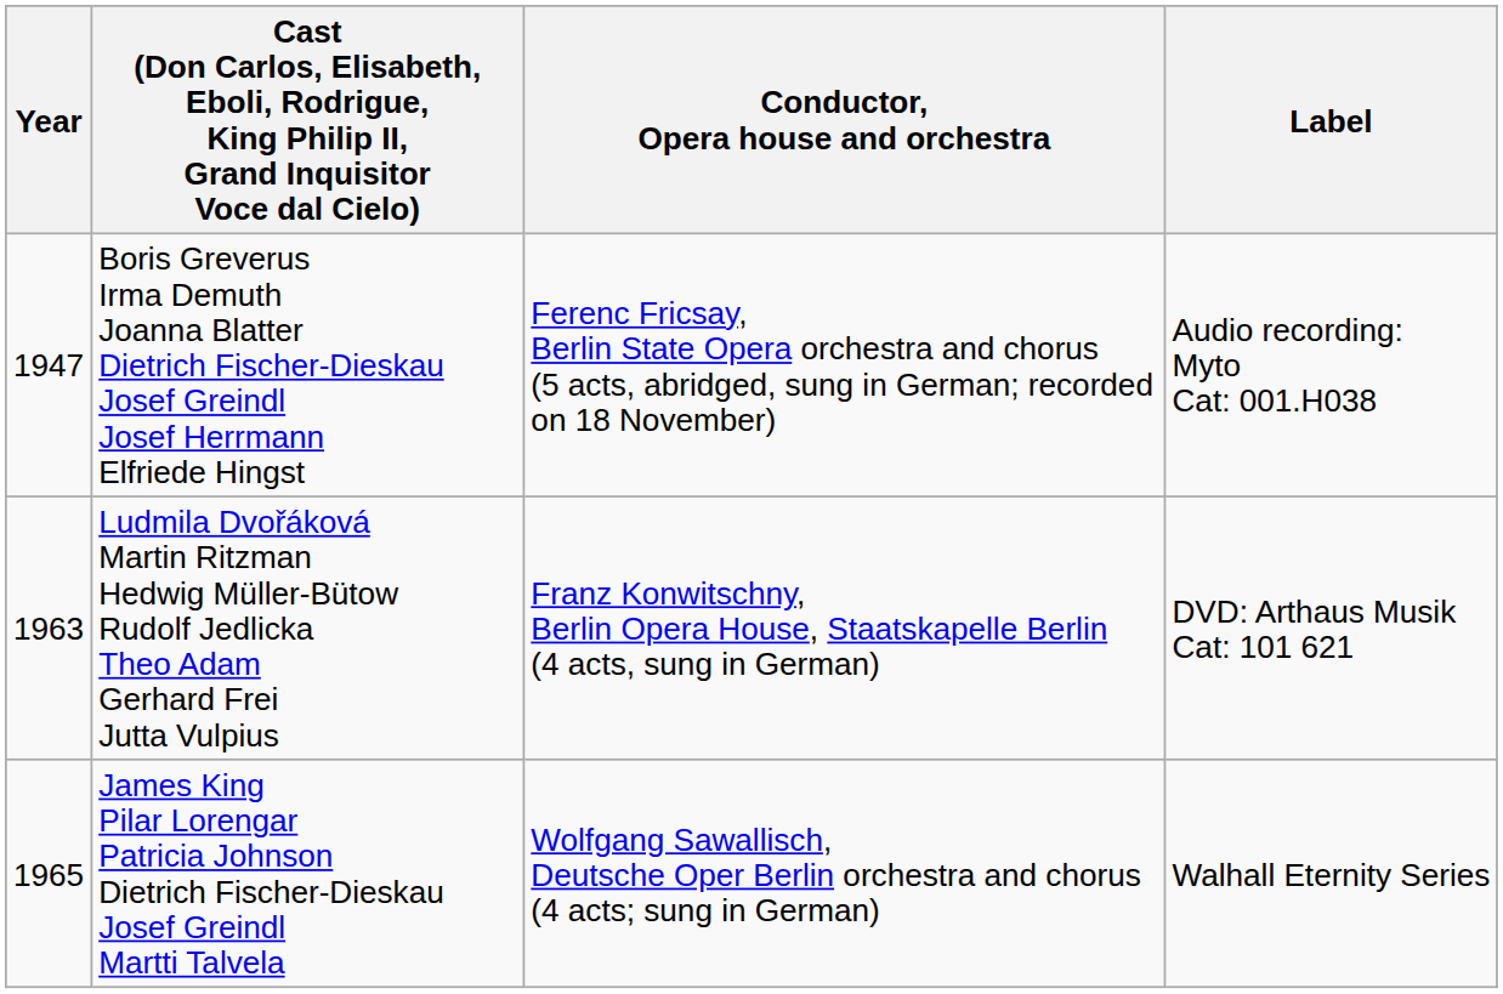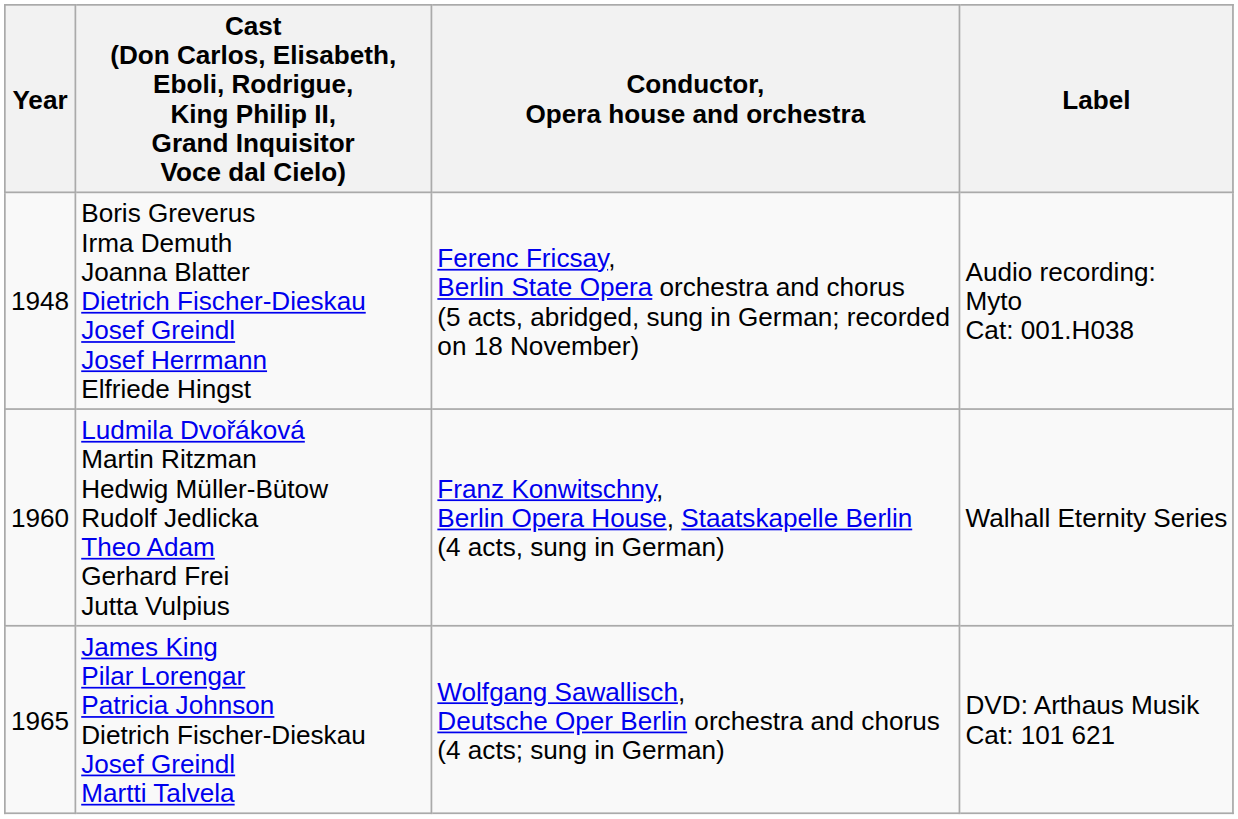 <table class="wikitable" style="font-size:95%;">
 <tr>
 <th>Year</th>
 <th Width="200">Cast<br>(Don Carlos, Elisabeth,<br>Eboli, Rodrigue,<br>King Philip II,<br>Grand Inquisitor<br>Voce dal Cielo)</th>
 <th Width="300">Conductor,<br>Opera house and orchestra</th>
 <th>Label</th>
 </tr>
 <tr>
-<td>1947</td>
+<td>1948</td>
 <td>Boris Greverus<br>Irma Demuth<br>Joanna Blatter<br><a href='#'>Dietrich Fischer-Dieskau</a><br><a href='#'>Josef Greindl</a><br><a href='#'>Josef Herrmann</a><br>Elfriede Hingst</td>
 <td><a href='#'>Ferenc Fricsay</a>,<br><a href='#'>Berlin State Opera</a> orchestra and chorus<br>(5 acts, abridged, sung in German; recorded on 18 November)</td>
 <td>Audio recording:<br>Myto<br>Cat: 001.H038</td>
 </tr>
 <tr>
-<td>1963</td>
+<td>1960</td>
 <td><a href='#'>Ludmila Dvořáková</a><br>Martin Ritzman<br>Hedwig Müller-Bütow<br>Rudolf Jedlicka<br><a href='#'>Theo Adam</a><br>Gerhard Frei<br>Jutta Vulpius</td>
 <td><a href='#'>Franz Konwitschny</a>,<br><a href='#'>Berlin Opera House</a>, <a href='#'>Staatskapelle Berlin</a><br>(4 acts, sung in German)</td>
-<td>DVD: Arthaus Musik<br>Cat: 101 621</td>
+<td>Walhall Eternity Series</td>
 </tr>
 <tr>
 <td>1965</td>
 <td><a href='#'>James King</a><br><a href='#'>Pilar Lorengar</a><br><a href='#'>Patricia Johnson</a><br>Dietrich Fischer-Dieskau<br><a href='#'>Josef Greindl</a><br><a href='#'>Martti Talvela</a></td>
 <td><a href='#'>Wolfgang Sawallisch</a>,<br><a href='#'>Deutsche Oper Berlin</a> orchestra and chorus<br>(4 acts; sung in German)</td>
-<td>Walhall Eternity Series</td>
+<td>DVD: Arthaus Musik<br>Cat: 101 621</td>
 </tr>
 </table>
